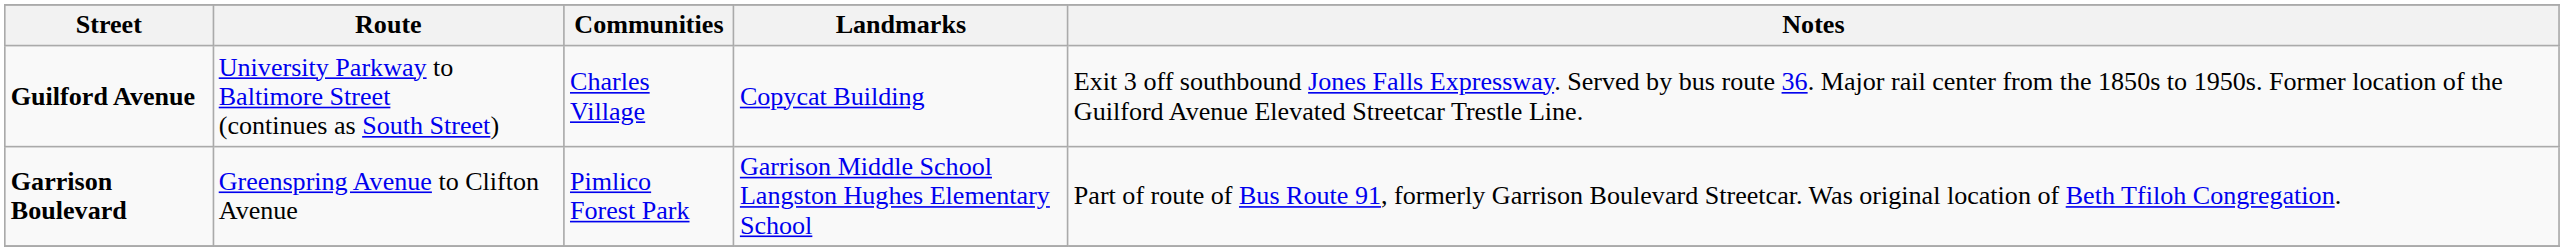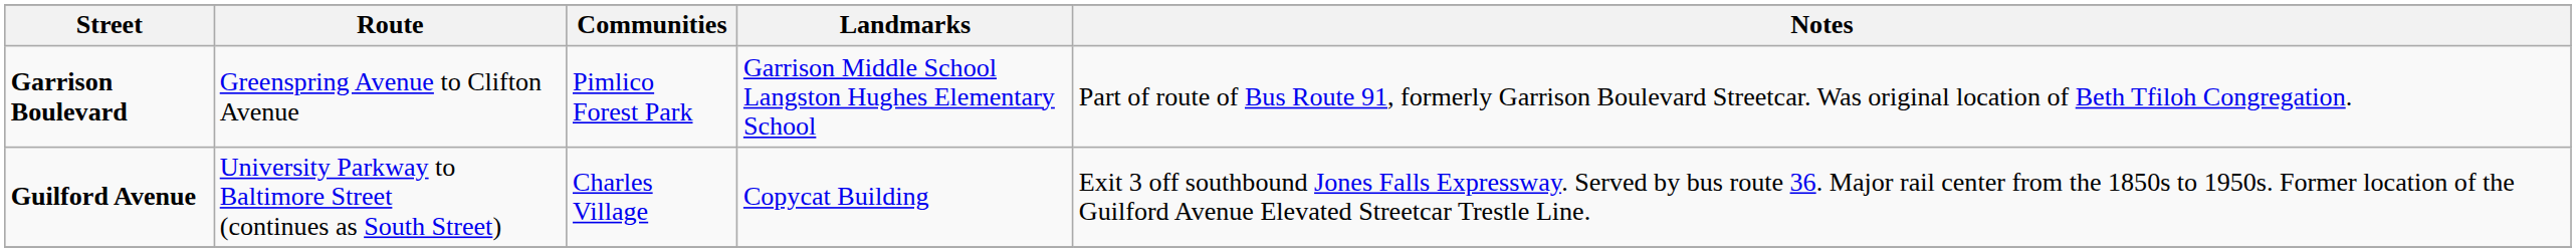 <table class="wikitable">
 <tr style="background-color:#DDDDDD;text-align:center;">
 </tr>
 <tr>
 <th>Street</th>
 <th>Route</th>
 <th>Communities</th>
 <th>Landmarks</th>
 <th>Notes</th>
 </tr>
 <tr>
+<td><strong>Garrison Boulevard</strong></td>
+<td><a href='#'>Greenspring Avenue</a> to Clifton Avenue</td>
+<td><a href='#'>Pimlico</a><br><a href='#'>Forest Park</a></td>
+<td><a href='#'>Garrison Middle School</a><br><a href='#'>Langston Hughes Elementary School</a><br></td>
+<td>Part of route of <a href='#'>Bus Route 91</a>, formerly Garrison Boulevard Streetcar. Was original location of <a href='#'>Beth Tfiloh Congregation</a>.</td>
+</tr>
+<tr>
 <td><strong>Guilford Avenue</strong></td>
 <td><a href='#'>University Parkway</a> to <a href='#'>Baltimore Street</a><br>(continues as <a href='#'>South Street</a>)</td>
 <td><a href='#'>Charles Village</a></td>
 <td><a href='#'>Copycat Building</a></td>
 <td>Exit 3 off southbound <a href='#'>Jones Falls Expressway</a>. Served by bus route <a href='#'>36</a>. Major rail center from the 1850s to 1950s. Former location of the Guilford Avenue Elevated Streetcar Trestle Line.</td>
 </tr>
 <tr>
-<td><strong>Garrison Boulevard</strong></td>
-<td><a href='#'>Greenspring Avenue</a> to Clifton Avenue</td>
-<td><a href='#'>Pimlico</a><br><a href='#'>Forest Park</a></td>
-<td><a href='#'>Garrison Middle School</a><br><a href='#'>Langston Hughes Elementary School</a><br></td>
-<td>Part of route of <a href='#'>Bus Route 91</a>, formerly Garrison Boulevard Streetcar. Was original location of <a href='#'>Beth Tfiloh Congregation</a>.</td>
-</tr>
-<tr>
 </tr>
 </table>
